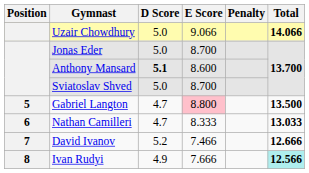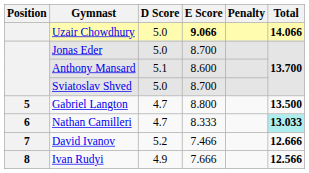 <table style="text-align:center;" class="wikitable sortable">
 <tr>
 <th>Position</th>
 <th>Gymnast</th>
 <th>D Score</th>
 <th>E Score</th>
 <th>Penalty</th>
 <th>Total</th>
 </tr>
 <tr style="background:#fffcaf;">
 <th scope="row" style="text-align:center"></th>
 <td style="text-align:left;"> <a href='#'>Uzair Chowdhury</a></td>
 <td>5.0</td>
-<td>9.066</td>
+<td><strong>9.066</strong></td>
 <td></td>
 <td><strong>14.066</strong></td>
 </tr>
 <tr style="background:#e5e5e5;">
 <th scope="row" style="text-align:center" rowspan=3></th>
 <td style="text-align:left;"> <a href='#'>Jonas Eder</a></td>
 <td>5.0</td>
 <td>8.700</td>
 <td></td>
 <td rowspan=3><strong>13.700</strong></td>
 </tr>
 <tr style="background:#e5e5e5;">
 <td style="text-align:left;"> <a href='#'>Anthony Mansard</a></td>
-<td><strong>5.1</strong></td>
+<td>5.1</td>
 <td>8.600</td>
 <td></td>
 </tr>
 <tr style="background:#e5e5e5;">
 <td style="text-align:left;"> <a href='#'>Sviatoslav Shved</a></td>
 <td>5.0</td>
 <td>8.700</td>
 <td></td>
 </tr>
 <tr>
 <th>5</th>
 <td style="text-align:left;"> <a href='#'>Gabriel Langton</a></td>
 <td>4.7</td>
-<td style="background: pink;">8.800</td>
+<td>8.800</td>
 <td></td>
 <td><strong>13.500</strong></td>
 </tr>
 <tr>
 <th>6</th>
 <td style="text-align:left;"> <a href='#'>Nathan Camilleri</a></td>
 <td>4.7</td>
 <td>8.333</td>
 <td></td>
-<td><strong>13.033</strong></td>
+<td style="background: paleturquoise;"><strong>13.033</strong></td>
 </tr>
 <tr>
 <th>7</th>
 <td style="text-align:left;"> <a href='#'>David Ivanov</a></td>
 <td>5.2</td>
 <td>7.466</td>
 <td></td>
 <td><strong>12.666</strong></td>
 </tr>
 <tr>
 <th>8</th>
 <td style="text-align:left;"> <a href='#'>Ivan Rudyi</a></td>
 <td>4.9</td>
 <td>7.666</td>
 <td></td>
-<td style="background: paleturquoise;"><strong>12.566</strong></td>
+<td><strong>12.566</strong></td>
 </tr>
 </table>
